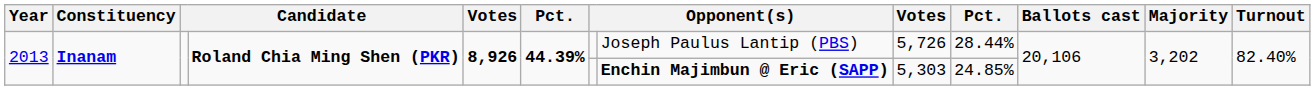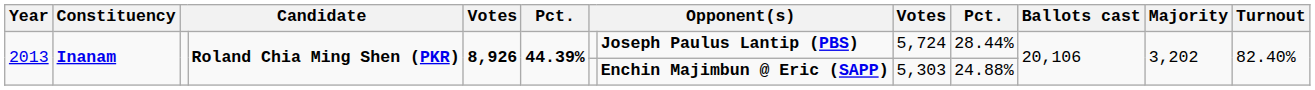 <table class="wikitable" style="margin:0.5em ; font-size:95%">
 <tr>
 <th>Year</th>
 <th>Constituency</th>
 <th colspan="2">Candidate</th>
 <th>Votes</th>
 <th>Pct.</th>
 <th colspan="2">Opponent(s)</th>
 <th>Votes</th>
 <th>Pct.</th>
 <th>Ballots cast</th>
 <th>Majority</th>
 <th>Turnout</th>
 </tr>
 <tr>
 <td rowspan="2"><a href='#'>2013</a></td>
 <td rowspan="2"><strong><a href='#'>Inanam</a></strong></td>
 <td rowspan="2" ></td>
 <td rowspan="2"><strong>Roland Chia Ming Shen (<a href='#'>PKR</a>)</strong></td>
 <td rowspan="2" align=right><strong>8,926</strong></td>
 <td rowspan="2"><strong>44.39%</strong></td>
 <td></td>
-<td>Joseph Paulus Lantip (<a href='#'>PBS</a>)</td>
-<td align=right>5,726</td>
+<td><strong>Joseph Paulus Lantip (<a href='#'>PBS</a>)</strong></td>
+<td align=right>5,724</td>
 <td>28.44%</td>
 <td rowspan="2">20,106</td>
 <td rowspan="2">3,202</td>
 <td rowspan="2">82.40%</td>
 </tr>
 <tr>
 <td bgcolor = ></td>
 <td><strong>Enchin Majimbun @ Eric (<a href='#'>SAPP</a>)</strong></td>
 <td align=right>5,303</td>
-<td>24.85%</td>
+<td>24.88%</td>
 </tr>
 </table>
